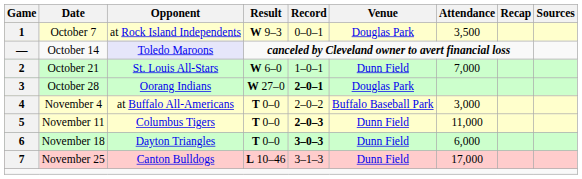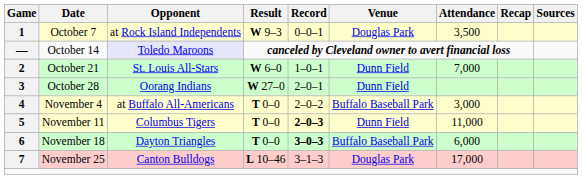 <table class="wikitable" style="text-align:center">
 <tr>
 <th>Game</th>
 <th>Date</th>
 <th>Opponent</th>
 <th>Result</th>
 <th>Record</th>
 <th>Venue</th>
 <th>Attendance</th>
 <th>Recap</th>
 <th>Sources</th>
 </tr>
 <tr style="background:#ffc">
 <th>1</th>
 <td>October 7</td>
 <td>at <a href='#'>Rock Island Independents</a></td>
 <td><strong>W</strong> 9–3</td>
 <td>0–0–1</td>
 <td><a href='#'>Douglas Park</a></td>
 <td>3,500 </td>
 <td></td>
 <td></td>
 </tr>
 <tr>
 <th>—</th>
 <td>October 14</td>
 <td style="background: lavender;"><a href='#'>Toledo Maroons</a></td>
 <td colspan="5"><strong><em>canceled by Cleveland owner to avert financial loss</em></strong></td>
 <td></td>
 </tr>
 <tr style="background:#cfc">
 <th>2</th>
 <td>October 21</td>
 <td><a href='#'>St. Louis All-Stars</a></td>
 <td><strong>W</strong> 6–0</td>
 <td>1–0–1</td>
 <td><a href='#'>Dunn Field</a></td>
 <td>7,000</td>
 <td></td>
 <td></td>
 </tr>
 <tr style="background:#cfc">
 <th>3</th>
 <td>October 28</td>
 <td><a href='#'>Oorang Indians</a></td>
 <td><strong>W</strong> 27–0</td>
-<td><strong>2–0–1</strong></td>
-<td><a href='#'>Douglas Park</a></td>
+<td>2–0–1</td>
+<td><a href='#'>Dunn Field</a></td>
 <td></td>
 <td></td>
 <td></td>
 </tr>
 <tr style="background:#ffc">
 <th>4</th>
 <td>November 4</td>
 <td>at <a href='#'>Buffalo All-Americans</a></td>
 <td><strong>T</strong> 0–0</td>
 <td>2–0–2</td>
 <td><a href='#'>Buffalo Baseball Park</a></td>
 <td>3,000</td>
 <td></td>
 <td></td>
 </tr>
 <tr style="background:#ffc">
 <th>5</th>
 <td>November 11</td>
 <td><a href='#'>Columbus Tigers</a></td>
 <td><strong>T</strong> 0–0</td>
 <td><strong>2–0–3</strong></td>
 <td><a href='#'>Dunn Field</a></td>
 <td>11,000</td>
 <td></td>
 <td></td>
 </tr>
 <tr style="background:#cfc">
 <th>6</th>
 <td>November 18</td>
 <td><a href='#'>Dayton Triangles</a></td>
 <td><strong>T</strong> 0–0</td>
 <td><strong>3–0–3</strong></td>
-<td><a href='#'>Dunn Field</a></td>
+<td><a href='#'>Buffalo Baseball Park</a></td>
 <td>6,000</td>
 <td></td>
 <td></td>
 </tr>
 <tr style="background:#fcc">
 <th>7</th>
 <td>November 25</td>
 <td><a href='#'>Canton Bulldogs</a></td>
 <td><strong>L</strong> 10–46</td>
 <td>3–1–3</td>
-<td><a href='#'>Dunn Field</a></td>
+<td><a href='#'>Douglas Park</a></td>
 <td>17,000</td>
 <td></td>
 <td></td>
 </tr>
 <tr>
 <td colspan="10"></td>
 </tr>
 </table>
